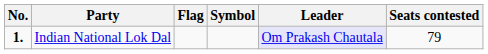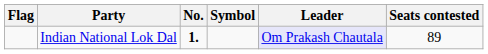 <table class="wikitable">
 <tr>
+<th>Flag</th>
+<th>Party</th>
 <th>No.</th>
-<th>Party</th>
-<th>Flag</th>
 <th>Symbol</th>
 <th>Leader</th>
 <th>Seats contested</th>
 </tr>
 <tr>
+<td></td>
+<td style="text-align:center"><a href='#'>Indian National Lok Dal</a></td>
 <td ! style="text-align:center; background:"><strong>1.</strong></td>
-<td style="text-align:center"><a href='#'>Indian National Lok Dal</a></td>
-<td></td>
 <td></td>
 <td style="background: lavender; text-align:center"><a href='#'>Om Prakash Chautala</a></td>
-<td style="text-align:center">79</td>
+<td style="text-align:center">89</td>
 </tr>
 </table>
